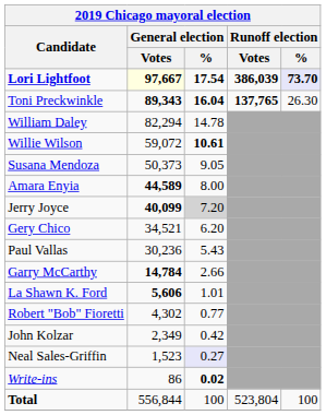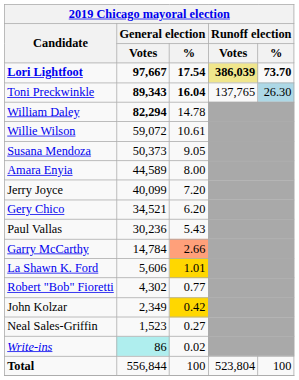 <table class=wikitable>
 <tr>
 <th colspan=5><a href='#'>2019 Chicago mayoral election</a></th>
 </tr>
 <tr>
 <th colspan=1 rowspan=2>Candidate</th>
 <th colspan=2>General election</th>
 <th colspan=2><strong>Runoff election</strong></th>
 </tr>
 <tr>
 <th>Votes</th>
 <th>%</th>
 <th>Votes</th>
 <th>%</th>
 </tr>
 <tr>
 <td><strong><a href='#'>Lori Lightfoot</a></strong></td>
-<td style="background: lightyellow; text-align:right"><strong>97,667</strong></td>
+<td style="text-align:right"><strong>97,667</strong></td>
 <td style="text-align:right"><strong>17.54</strong></td>
-<td style="text-align:right"><strong>386,039</strong></td>
-<td style="background: lavender; text-align:right"><strong>73.70</strong></td>
+<td style="background: khaki; text-align:right"><strong>386,039</strong></td>
+<td style="text-align:right"><strong>73.70</strong></td>
 </tr>
 <tr>
 <td><a href='#'>Toni Preckwinkle</a></td>
 <td style="text-align:right"><strong>89,343</strong></td>
 <td style="text-align:right"><strong>16.04</strong></td>
-<td style="text-align:right"><strong>137,765</strong></td>
-<td style="text-align:right">26.30</td>
+<td style="text-align:right">137,765</td>
+<td style="background: lightblue; text-align:right">26.30</td>
 </tr>
 <tr>
 <td><a href='#'>William Daley</a></td>
-<td style="text-align:right">82,294</td>
+<td style="text-align:right"><strong>82,294</strong></td>
 <td style="text-align:right">14.78</td>
 <td colspan=2 style="background:darkgray"></td>
 </tr>
 <tr>
 <td><a href='#'>Willie Wilson</a></td>
 <td style="text-align:right">59,072</td>
-<td style="text-align:right"><strong>10.61</strong></td>
+<td style="text-align:right">10.61</td>
 <td colspan=2 style="background:darkgray"></td>
 </tr>
 <tr>
 <td><a href='#'>Susana Mendoza</a></td>
 <td style="text-align:right">50,373</td>
 <td style="text-align:right">9.05</td>
 <td colspan=2 style="background:darkgray"></td>
 </tr>
 <tr>
 <td><a href='#'>Amara Enyia</a></td>
-<td style="text-align:right"><strong>44,589</strong></td>
+<td style="text-align:right">44,589</td>
 <td style="text-align:right">8.00</td>
 <td colspan=2 style="background:darkgray"></td>
 </tr>
 <tr>
 <td>Jerry Joyce</td>
-<td style="text-align:right"><strong>40,099</strong></td>
-<td style="background: lightgrey; text-align:right">7.20</td>
+<td style="text-align:right">40,099</td>
+<td style="text-align:right">7.20</td>
 <td colspan=2 style="background:darkgray"></td>
 </tr>
 <tr>
 <td><a href='#'>Gery Chico</a></td>
 <td style="text-align:right">34,521</td>
 <td style="text-align:right">6.20</td>
 <td colspan=2 style="background:darkgray"></td>
 </tr>
 <tr>
 <td>Paul Vallas</td>
 <td style="text-align:right">30,236</td>
 <td style="text-align:right">5.43</td>
 <td colspan=2 style="background:darkgray"></td>
 </tr>
 <tr>
 <td><a href='#'>Garry McCarthy</a></td>
-<td style="text-align:right"><strong>14,784</strong></td>
-<td style="text-align:right">2.66</td>
+<td style="text-align:right">14,784</td>
+<td style="background: lightsalmon; text-align:right">2.66</td>
 <td colspan=2 style="background:darkgray"></td>
 </tr>
 <tr>
 <td><a href='#'>La Shawn K. Ford</a></td>
-<td style="text-align:right"><strong>5,606</strong></td>
-<td style="text-align:right">1.01</td>
+<td style="text-align:right">5,606</td>
+<td style="background: gold; text-align:right">1.01</td>
 <td colspan=2 style="background:darkgray"></td>
 </tr>
 <tr>
 <td><a href='#'>Robert "Bob" Fioretti</a></td>
 <td style="text-align:right">4,302</td>
 <td style="text-align:right">0.77</td>
 <td colspan=2 style="background:darkgray"></td>
 </tr>
 <tr>
 <td>John Kolzar</td>
 <td style="text-align:right">2,349</td>
-<td style="text-align:right">0.42</td>
+<td style="background: gold; text-align:right">0.42</td>
 <td colspan=2 style="background:darkgray"></td>
 </tr>
 <tr>
 <td>Neal Sales-Griffin</td>
 <td style="text-align:right">1,523</td>
-<td style="background: lavender; text-align:right">0.27</td>
+<td style="text-align:right">0.27</td>
 <td colspan=2 style="background:darkgray"></td>
 </tr>
 <tr>
 <td><em><a href='#'>Write-ins</a></em></td>
-<td style="text-align:right">86</td>
-<td style="text-align:right"><strong>0.02</strong></td>
+<td style="background: paleturquoise; text-align:right">86</td>
+<td style="text-align:right">0.02</td>
 <td colspan=2 style="background:darkgray"></td>
 </tr>
 <tr>
 <td><strong>Total</strong></td>
 <td style="text-align:right">556,844</td>
 <td style="text-align:right">100</td>
 <td style="text-align:right">523,804</td>
 <td style="text-align:right">100</td>
 </tr>
 <tr>
 </tr>
 </table>
